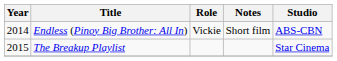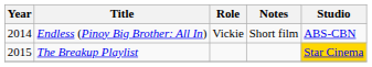 <table class="wikitable sortable">
 <tr>
 <th>Year</th>
 <th>Title</th>
 <th>Role</th>
 <th>Notes</th>
 <th>Studio</th>
 </tr>
 <tr>
 <td>2014</td>
 <td><em><a href='#'>Endless</a></em> (<em><a href='#'>Pinoy Big Brother: All In</a></em>)</td>
 <td>Vickie</td>
 <td>Short film</td>
 <td><a href='#'>ABS-CBN</a></td>
 </tr>
 <tr>
 <td>2015</td>
 <td><em><a href='#'>The Breakup Playlist </a></em></td>
 <td></td>
 <td></td>
-<td><a href='#'>Star Cinema</a></td>
+<td style="background: gold;"><a href='#'>Star Cinema</a></td>
 </tr>
 <tr>
 </tr>
 </table>
